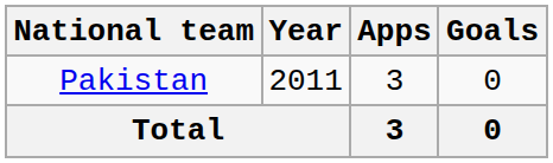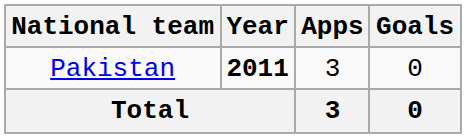 <table class="wikitable" style="text-align:center">
 <tr>
 <th>National team</th>
 <th>Year</th>
 <th>Apps</th>
 <th>Goals</th>
 </tr>
 <tr>
 <td><a href='#'>Pakistan</a></td>
-<td>2011</td>
+<td><strong>2011</strong></td>
 <td>3</td>
 <td>0</td>
 </tr>
 <tr>
 <th colspan="2">Total</th>
 <th>3</th>
 <th>0</th>
 </tr>
 </table>
